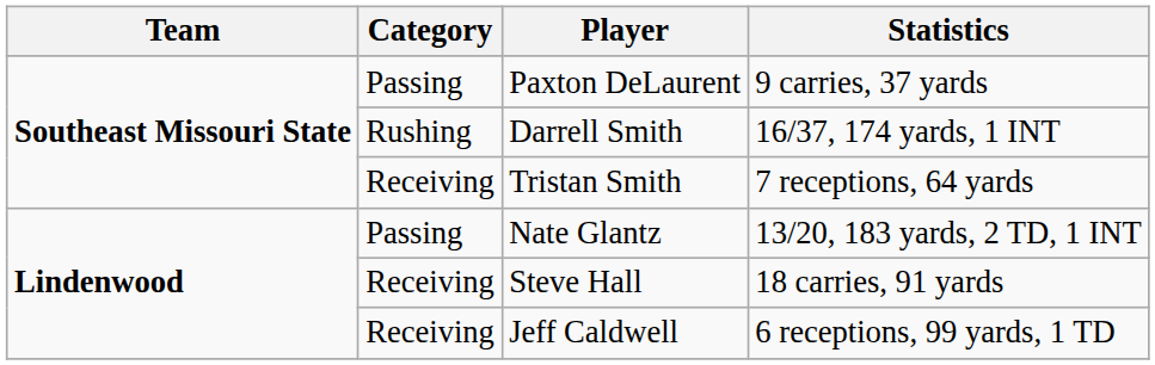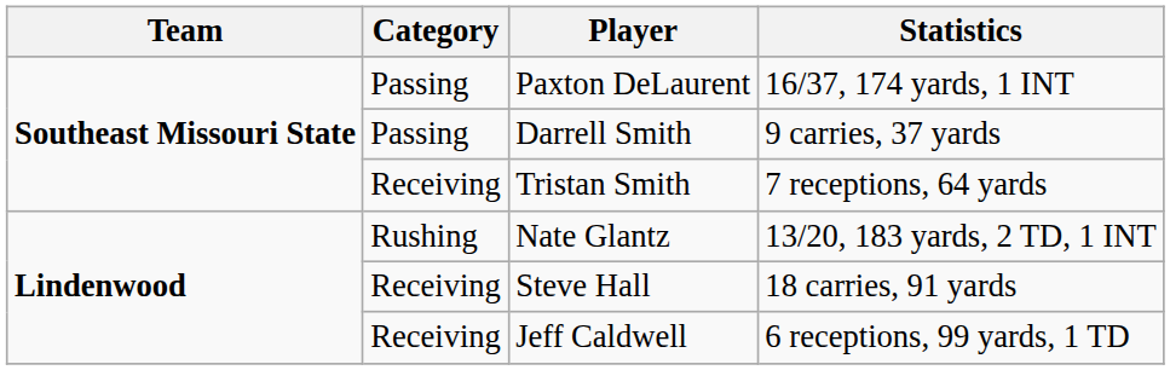 <table class="wikitable" style="float: right;">
 <tr>
 <th>Team</th>
 <th>Category</th>
 <th>Player</th>
 <th>Statistics</th>
 </tr>
 <tr>
 <td rowspan=3><strong>Southeast Missouri State</strong></td>
 <td>Passing</td>
 <td>Paxton DeLaurent</td>
-<td>9 carries, 37 yards</td>
+<td>16/37, 174 yards, 1 INT</td>
 </tr>
 <tr>
-<td>Rushing</td>
+<td>Passing</td>
 <td>Darrell Smith</td>
-<td>16/37, 174 yards, 1 INT</td>
+<td>9 carries, 37 yards</td>
 </tr>
 <tr>
 <td>Receiving</td>
 <td>Tristan Smith</td>
 <td>7 receptions, 64 yards</td>
 </tr>
 <tr>
 <td rowspan=3><strong>Lindenwood</strong></td>
-<td>Passing</td>
+<td>Rushing</td>
 <td>Nate Glantz</td>
 <td>13/20, 183 yards, 2 TD, 1 INT</td>
 </tr>
 <tr>
 <td>Receiving</td>
 <td>Steve Hall</td>
 <td>18 carries, 91 yards</td>
 </tr>
 <tr>
 <td>Receiving</td>
 <td>Jeff Caldwell</td>
 <td>6 receptions, 99 yards, 1 TD</td>
 </tr>
 </table>
